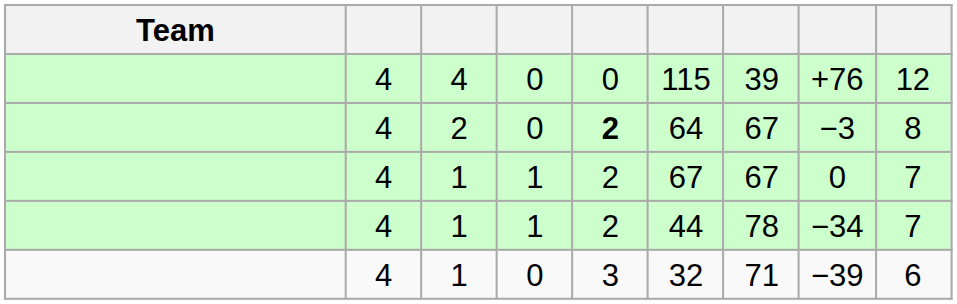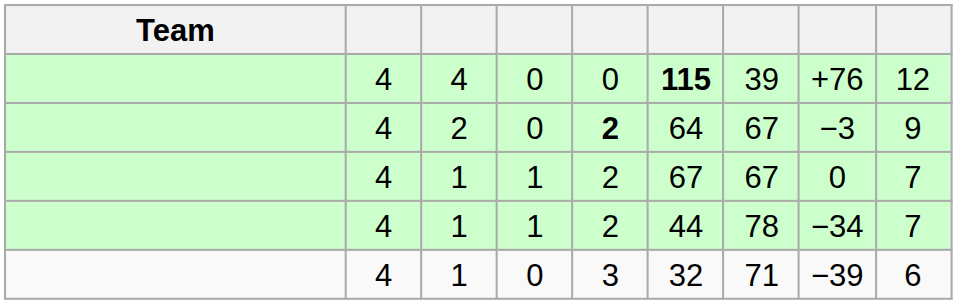 <table class="wikitable" style="text-align:center; font-size:95%;">
 <tr>
 <th width=160>Team</th>
 <th width=30></th>
 <th width=30></th>
 <th width=30></th>
 <th width=30></th>
 <th width=30></th>
 <th width=30></th>
 <th width=30></th>
 <th width=30></th>
 </tr>
 <tr style="background:#ccffcc">
 <td align=left></td>
 <td>4</td>
 <td>4</td>
 <td>0</td>
 <td>0</td>
-<td>115</td>
+<td><strong>115</strong></td>
 <td>39</td>
 <td>+76</td>
 <td>12</td>
 </tr>
 <tr style="background:#ccffcc">
 <td align=left></td>
 <td>4</td>
 <td>2</td>
 <td>0</td>
 <td><strong>2</strong></td>
 <td>64</td>
 <td>67</td>
 <td>−3</td>
-<td>8</td>
+<td>9</td>
 </tr>
 <tr style="background:#ccffcc">
 <td align=left></td>
 <td>4</td>
 <td>1</td>
 <td>1</td>
 <td>2</td>
 <td>67</td>
 <td>67</td>
 <td>0</td>
 <td>7</td>
 </tr>
 <tr style="background:#ccffcc">
 <td align=left></td>
 <td>4</td>
 <td>1</td>
 <td>1</td>
 <td>2</td>
 <td>44</td>
 <td>78</td>
 <td>−34</td>
 <td>7</td>
 </tr>
 <tr>
 <td align=left></td>
 <td>4</td>
 <td>1</td>
 <td>0</td>
 <td>3</td>
 <td>32</td>
 <td>71</td>
 <td>−39</td>
 <td>6</td>
 </tr>
 </table>
